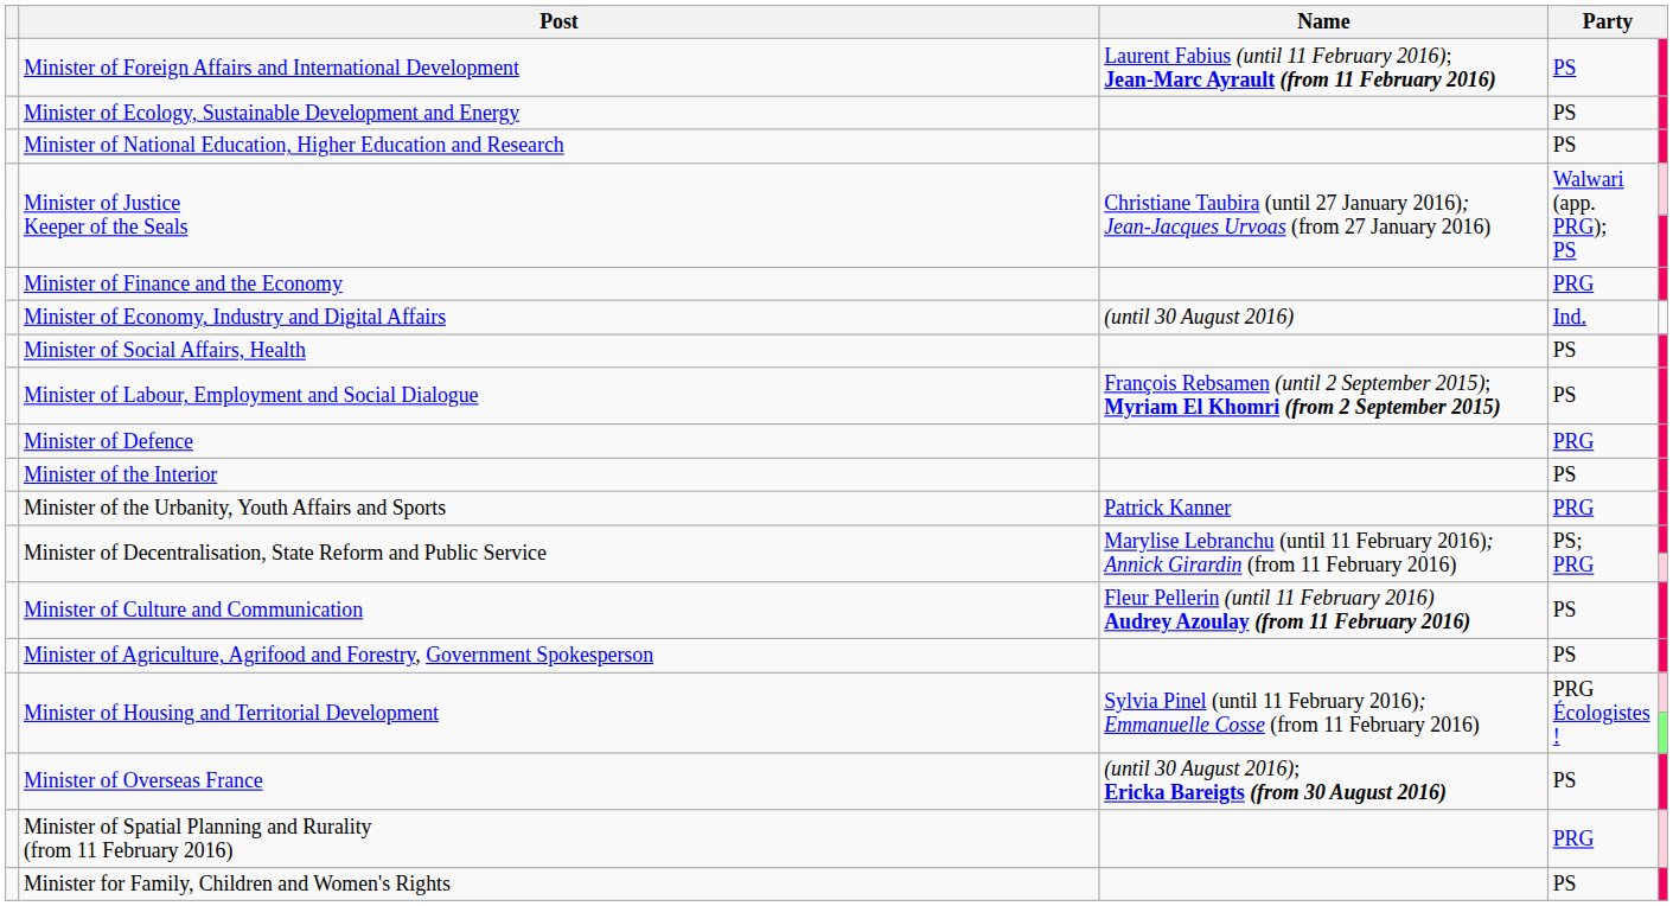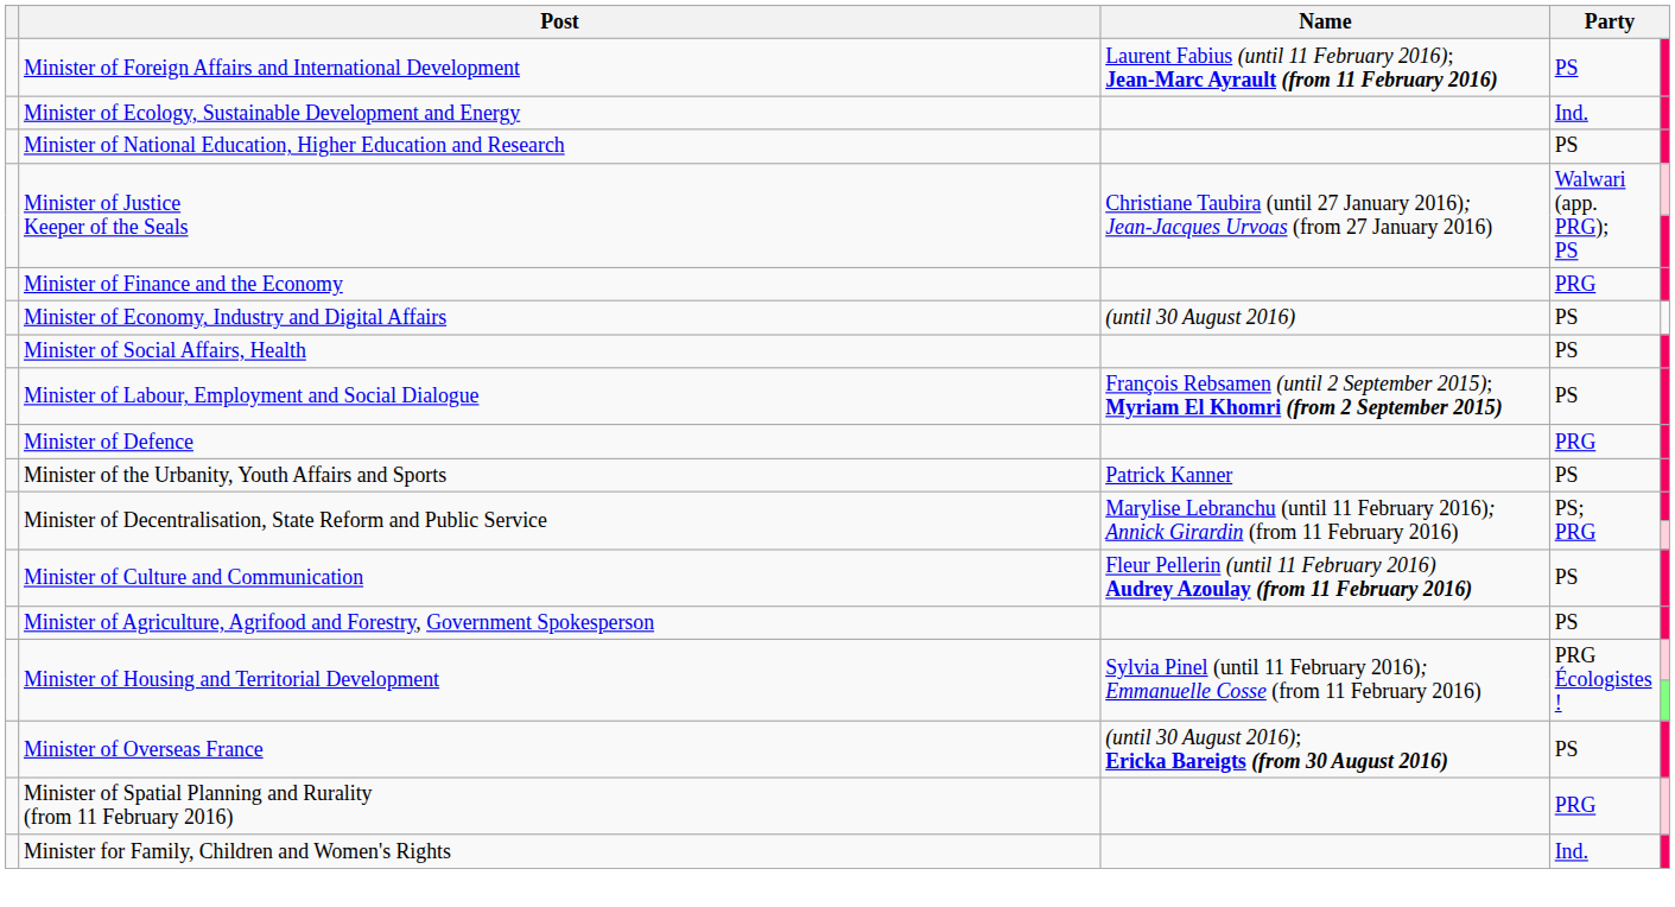 <table class="wikitable sortable" style="width:100%;">
 <tr>
 <th class="unsortable"></th>
 <th width=65%>Post</th>
 <th width=27%>Name</th>
 <th colspan="2" width="7%">Party</th>
 </tr>
 <tr>
 <td> </td>
 <td><a href='#'>Minister of Foreign Affairs and International Development</a></td>
 <td><a href='#'>Laurent Fabius</a> <em>(until 11 February 2016)</em>;<br><strong><a href='#'>Jean-Marc Ayrault</a> <strong><em>(from 11 February 2016)<em></td>
 <td><a href='#'>PS</a></td>
 <td style="width:1px;; background:#F40061;"></td>
 </tr>
 <tr>
 <td></td>
 <td><a href='#'>Minister of Ecology, Sustainable Development and Energy</a></td>
 <td></td>
-<td>PS</td>
+<td><a href='#'>Ind.</a></td>
 <td style="width:1px;; background:#F40061;"></td>
 </tr>
 <tr>
 <td></td>
 <td><a href='#'>Minister of National Education, Higher Education and Research</a></td>
 <td></td>
 <td>PS</td>
 <td style="width:1px;; background:#F40061;"></td>
 </tr>
 <tr>
 <td rowspan=2> </td>
 <td rowspan=2><a href='#'>Minister of Justice</a><br><a href='#'>Keeper of the Seals</a></td>
 <td rowspan=2><a href='#'>Christiane Taubira</a> </em>(until 27 January 2016)<em>;<br></strong><a href='#'>Jean-Jacques Urvoas</a>  </em></strong>(from 27 January 2016)</em></td>
 <td rowspan=2><a href='#'>Walwari</a> (app. <a href='#'>PRG</a>);<br><a href='#'>PS</a></td>
 <td style="width:1px;; background:#ffd1dc;"></td>
 </tr>
 <tr>
 <td style="width:1px;; background:#F40061;"></td>
 </tr>
 <tr>
 <td></td>
 <td><a href='#'>Minister of Finance and the Economy</a></td>
 <td></td>
 <td><a href='#'>PRG</a></td>
 <td style="width:1px;; background:#F40061;"></td>
 </tr>
 <tr>
 <td></td>
 <td><a href='#'>Minister of Economy, Industry and Digital Affairs</a></td>
 <td> <em>(until 30 August 2016)</em></td>
-<td><a href='#'>Ind.</a></td>
+<td>PS</td>
 <td style="width:1px;; background:"></td>
 </tr>
 <tr>
 <td></td>
 <td><a href='#'>Minister of Social Affairs, Health</a></td>
 <td></td>
 <td>PS</td>
 <td style="width:1px;; background:#F40061;"></td>
 </tr>
 <tr>
 <td> </td>
 <td><a href='#'>Minister of Labour, Employment and Social Dialogue</a></td>
 <td><a href='#'>François Rebsamen</a> <em>(until 2 September 2015)</em>;<br><strong><a href='#'>Myriam El Khomri</a> <strong><em>(from 2 September 2015)<em></td>
 <td>PS</td>
 <td style="width:1px;; background:#F40061;"></td>
 </tr>
 <tr>
 <td></td>
 <td><a href='#'>Minister of Defence</a></td>
 <td></td>
 <td><a href='#'>PRG</a></td>
 <td style="width:1px;; background:#F40061;"></td>
 </tr>
 <tr>
 <td></td>
-<td><a href='#'>Minister of the Interior</a></td>
-<td></td>
-<td>PS</td>
-<td style="width:1px;; background:#F40061;"></td>
-</tr>
-<tr>
-<td></td>
 <td>Minister of the Urbanity, Youth Affairs and Sports</td>
 <td><a href='#'>Patrick Kanner</a></td>
-<td><a href='#'>PRG</a></td>
+<td>PS</td>
 <td style="width:1px;; background:#F40061;"></td>
 </tr>
 <tr>
 <td rowspan=2> </td>
 <td rowspan=2>Minister of Decentralisation, State Reform and Public Service</td>
 <td rowspan=2><a href='#'>Marylise Lebranchu</a> </em>(until 11 February 2016)<em>;<br></strong><a href='#'>Annick Girardin</a> </em></strong>(from 11 February 2016)</em></td>
 <td rowspan=2>PS; <br> <a href='#'>PRG</a></td>
 <td style="width:1px; background:#F40061;"></td>
 </tr>
 <tr>
 <td style="width:1px; background:#ffd1dc;"></td>
 </tr>
 <tr>
 <td> </td>
 <td><a href='#'>Minister of Culture and Communication</a></td>
 <td><a href='#'>Fleur Pellerin</a> <em>(until 11 February 2016)</em> <br><strong><a href='#'>Audrey Azoulay</a>  <strong><em>(from 11 February 2016)<em></td>
 <td>PS</td>
 <td style="width:1px;; background:#F40061;"></td>
 </tr>
 <tr>
 <td></td>
 <td><a href='#'>Minister of Agriculture, Agrifood and Forestry</a>, <a href='#'>Government Spokesperson</a></td>
 <td></td>
 <td>PS</td>
 <td style="width:1px;; background:#F40061;"></td>
 </tr>
 <tr>
 <td rowspan=2> </td>
 <td rowspan=2><a href='#'>Minister of Housing and Territorial Development</a></td>
 <td rowspan=2><a href='#'>Sylvia Pinel</a> </em>(until 11 February 2016)<em>;<br></strong><a href='#'>Emmanuelle Cosse</a> </em></strong>(from 11 February 2016)</em></td>
 <td rowspan=2>PRG <br> <a href='#'>Écologistes !</a></td>
 <td style="width:1px;; background:#ffd1dc;"></td>
 </tr>
 <tr>
 <td style="width:1px;; background:#80FF80;"></td>
 </tr>
 <tr>
 <td> </td>
 <td><a href='#'>Minister of Overseas France</a></td>
 <td> <em>(until 30 August 2016)</em>;<br><strong><a href='#'>Ericka Bareigts</a> <strong><em>(from 30 August 2016)<em></td>
 <td>PS</td>
 <td style="width:1px;; background:#F40061;"></td>
 </tr>
 <tr>
 <td></td>
 <td>Minister of Spatial Planning and Rurality <br>(from 11 February 2016)</td>
 <td></td>
 <td><a href='#'>PRG</a></td>
 <td style="width:1px;; background:#ffd1dc;"></td>
 </tr>
 <tr>
 <td></td>
 <td>Minister for Family, Children and Women's Rights</td>
 <td></td>
-<td>PS</td>
+<td><a href='#'>Ind.</a></td>
 <td style="width:1px;; background:#F40061;"></td>
 </tr>
 </table>
